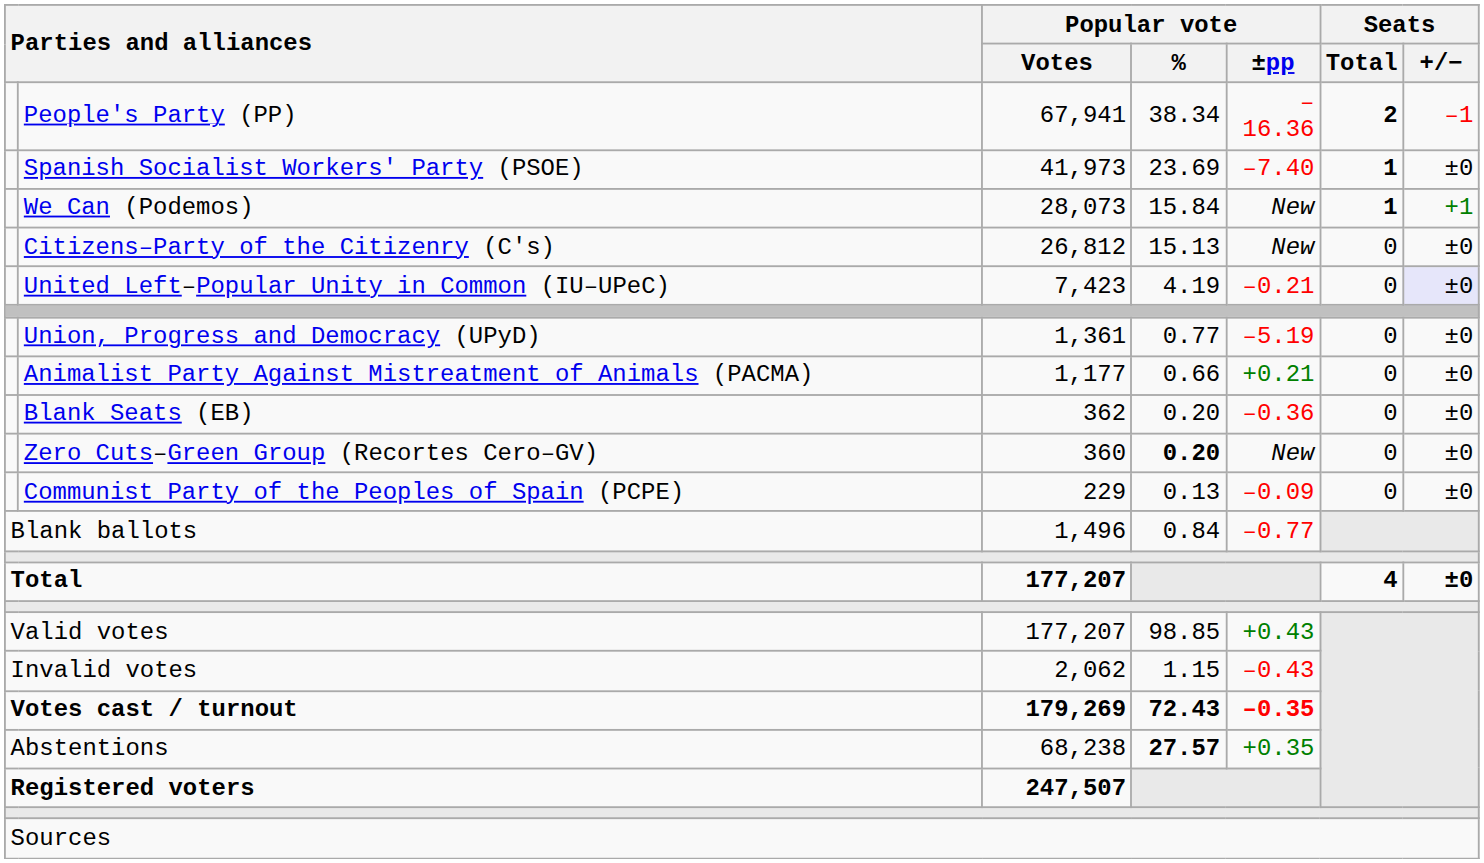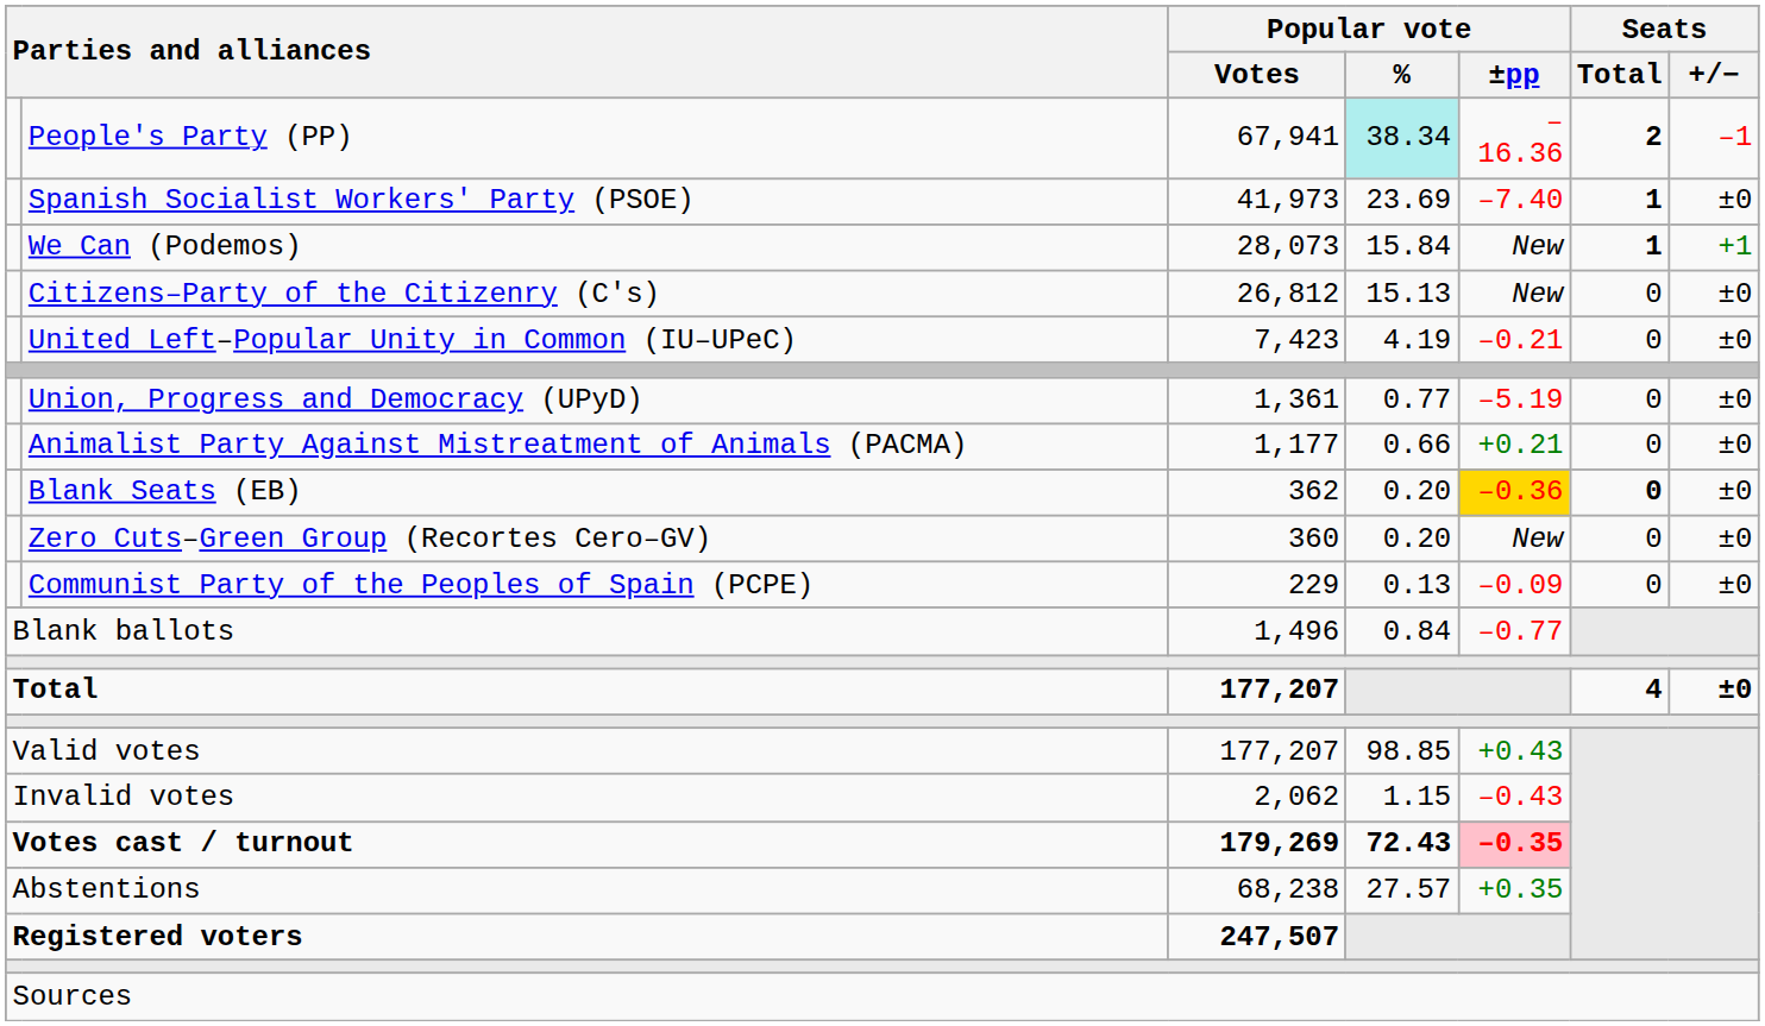 <table class="wikitable" style="text-align:right;">
 <tr>
 <th style="text-align:left;" rowspan="2" colspan="2" width="525">Parties and alliances</th>
 <th colspan="3">Popular vote</th>
 <th colspan="2">Seats</th>
 </tr>
 <tr>
 <th width="75">Votes</th>
 <th width="45">%</th>
 <th width="45">±<a href='#'>pp</a></th>
 <th width="35">Total</th>
 <th width="35">+/−</th>
 </tr>
 <tr>
 <td width="1" style="color:inherit;background:"></td>
 <td align="left"><a href='#'>People's Party</a> (PP)</td>
 <td>67,941</td>
-<td>38.34</td>
+<td style="background: paleturquoise;">38.34</td>
 <td style="color:red;">–16.36</td>
 <td><strong>2</strong></td>
 <td style="color:red;">–1</td>
 </tr>
 <tr>
 <td style="color:inherit;background:"></td>
 <td align="left"><a href='#'>Spanish Socialist Workers' Party</a> (PSOE)</td>
 <td>41,973</td>
 <td>23.69</td>
 <td style="color:red;">–7.40</td>
 <td><strong>1</strong></td>
 <td>±0</td>
 </tr>
 <tr>
 <td style="color:inherit;background:"></td>
 <td align="left"><a href='#'>We Can</a> (Podemos)</td>
 <td>28,073</td>
 <td>15.84</td>
 <td><em>New</em></td>
 <td><strong>1</strong></td>
 <td style="color:green;">+1</td>
 </tr>
 <tr>
 <td style="color:inherit;background:"></td>
 <td align="left"><a href='#'>Citizens–Party of the Citizenry</a> (C's)</td>
 <td>26,812</td>
 <td>15.13</td>
 <td><em>New</em></td>
 <td>0</td>
 <td>±0</td>
 </tr>
 <tr>
 <td style="color:inherit;background:"></td>
 <td align="left"><a href='#'>United Left</a>–<a href='#'>Popular Unity in Common</a> (IU–UPeC)</td>
 <td>7,423</td>
 <td>4.19</td>
 <td style="color:red;">–0.21</td>
 <td>0</td>
-<td style="background: lavender;">±0</td>
+<td>±0</td>
 </tr>
 <tr>
 <td colspan="7" bgcolor="#C0C0C0"></td>
 </tr>
 <tr>
 <td style="color:inherit;background:"></td>
 <td align="left"><a href='#'>Union, Progress and Democracy</a> (UPyD)</td>
 <td>1,361</td>
 <td>0.77</td>
 <td style="color:red;">–5.19</td>
 <td>0</td>
 <td>±0</td>
 </tr>
 <tr>
 <td style="color:inherit;background:"></td>
 <td align="left"><a href='#'>Animalist Party Against Mistreatment of Animals</a> (PACMA)</td>
 <td>1,177</td>
 <td>0.66</td>
 <td style="color:green;">+0.21</td>
 <td>0</td>
 <td>±0</td>
 </tr>
 <tr>
 <td style="color:inherit;background:"></td>
 <td align="left"><a href='#'>Blank Seats</a> (EB)</td>
 <td>362</td>
 <td>0.20</td>
-<td style="color:red;">–0.36</td>
-<td>0</td>
+<td style="background: gold; color:red;">–0.36</td>
+<td><strong>0</strong></td>
 <td>±0</td>
 </tr>
 <tr>
 <td style="color:inherit;background:"></td>
 <td align="left"><a href='#'>Zero Cuts</a>–<a href='#'>Green Group</a> (Recortes Cero–GV)</td>
 <td>360</td>
-<td><strong>0.20</strong></td>
+<td>0.20</td>
 <td><em>New</em></td>
 <td>0</td>
 <td>±0</td>
 </tr>
 <tr>
 <td style="color:inherit;background:"></td>
 <td align="left"><a href='#'>Communist Party of the Peoples of Spain</a> (PCPE)</td>
 <td>229</td>
 <td>0.13</td>
 <td style="color:red;">–0.09</td>
 <td>0</td>
 <td>±0</td>
 </tr>
 <tr>
 <td align="left" colspan="2">Blank ballots</td>
 <td>1,496</td>
 <td>0.84</td>
 <td style="color:red;">–0.77</td>
 <td bgcolor="#E9E9E9" colspan="2"></td>
 </tr>
 <tr>
 <td colspan="7" bgcolor="#E9E9E9"></td>
 </tr>
 <tr style="font-weight:bold;">
 <td align="left" colspan="2">Total</td>
 <td>177,207</td>
 <td bgcolor="#E9E9E9" colspan="2"></td>
 <td>4</td>
 <td>±0</td>
 </tr>
 <tr>
 <td colspan="7" bgcolor="#E9E9E9"></td>
 </tr>
 <tr>
 <td align="left" colspan="2">Valid votes</td>
 <td>177,207</td>
 <td>98.85</td>
 <td style="color:green;">+0.43</td>
 <td bgcolor="#E9E9E9" colspan="2" rowspan="5"></td>
 </tr>
 <tr>
 <td align="left" colspan="2">Invalid votes</td>
 <td>2,062</td>
 <td>1.15</td>
 <td style="color:red;">–0.43</td>
 </tr>
 <tr style="font-weight:bold;">
 <td align="left" colspan="2">Votes cast / turnout</td>
 <td>179,269</td>
 <td>72.43</td>
-<td style="color:red;">–0.35</td>
+<td style="background: pink; color:red;">–0.35</td>
 </tr>
 <tr>
 <td align="left" colspan="2">Abstentions</td>
 <td>68,238</td>
-<td><strong>27.57</strong></td>
+<td>27.57</td>
 <td style="color:green;">+0.35</td>
 </tr>
 <tr style="font-weight:bold;">
 <td align="left" colspan="2">Registered voters</td>
 <td>247,507</td>
 <td bgcolor="#E9E9E9" colspan="2"></td>
 </tr>
 <tr>
 <td colspan="7" bgcolor="#E9E9E9"></td>
 </tr>
 <tr>
 <td align="left" colspan="7">Sources</td>
 </tr>
 </table>
